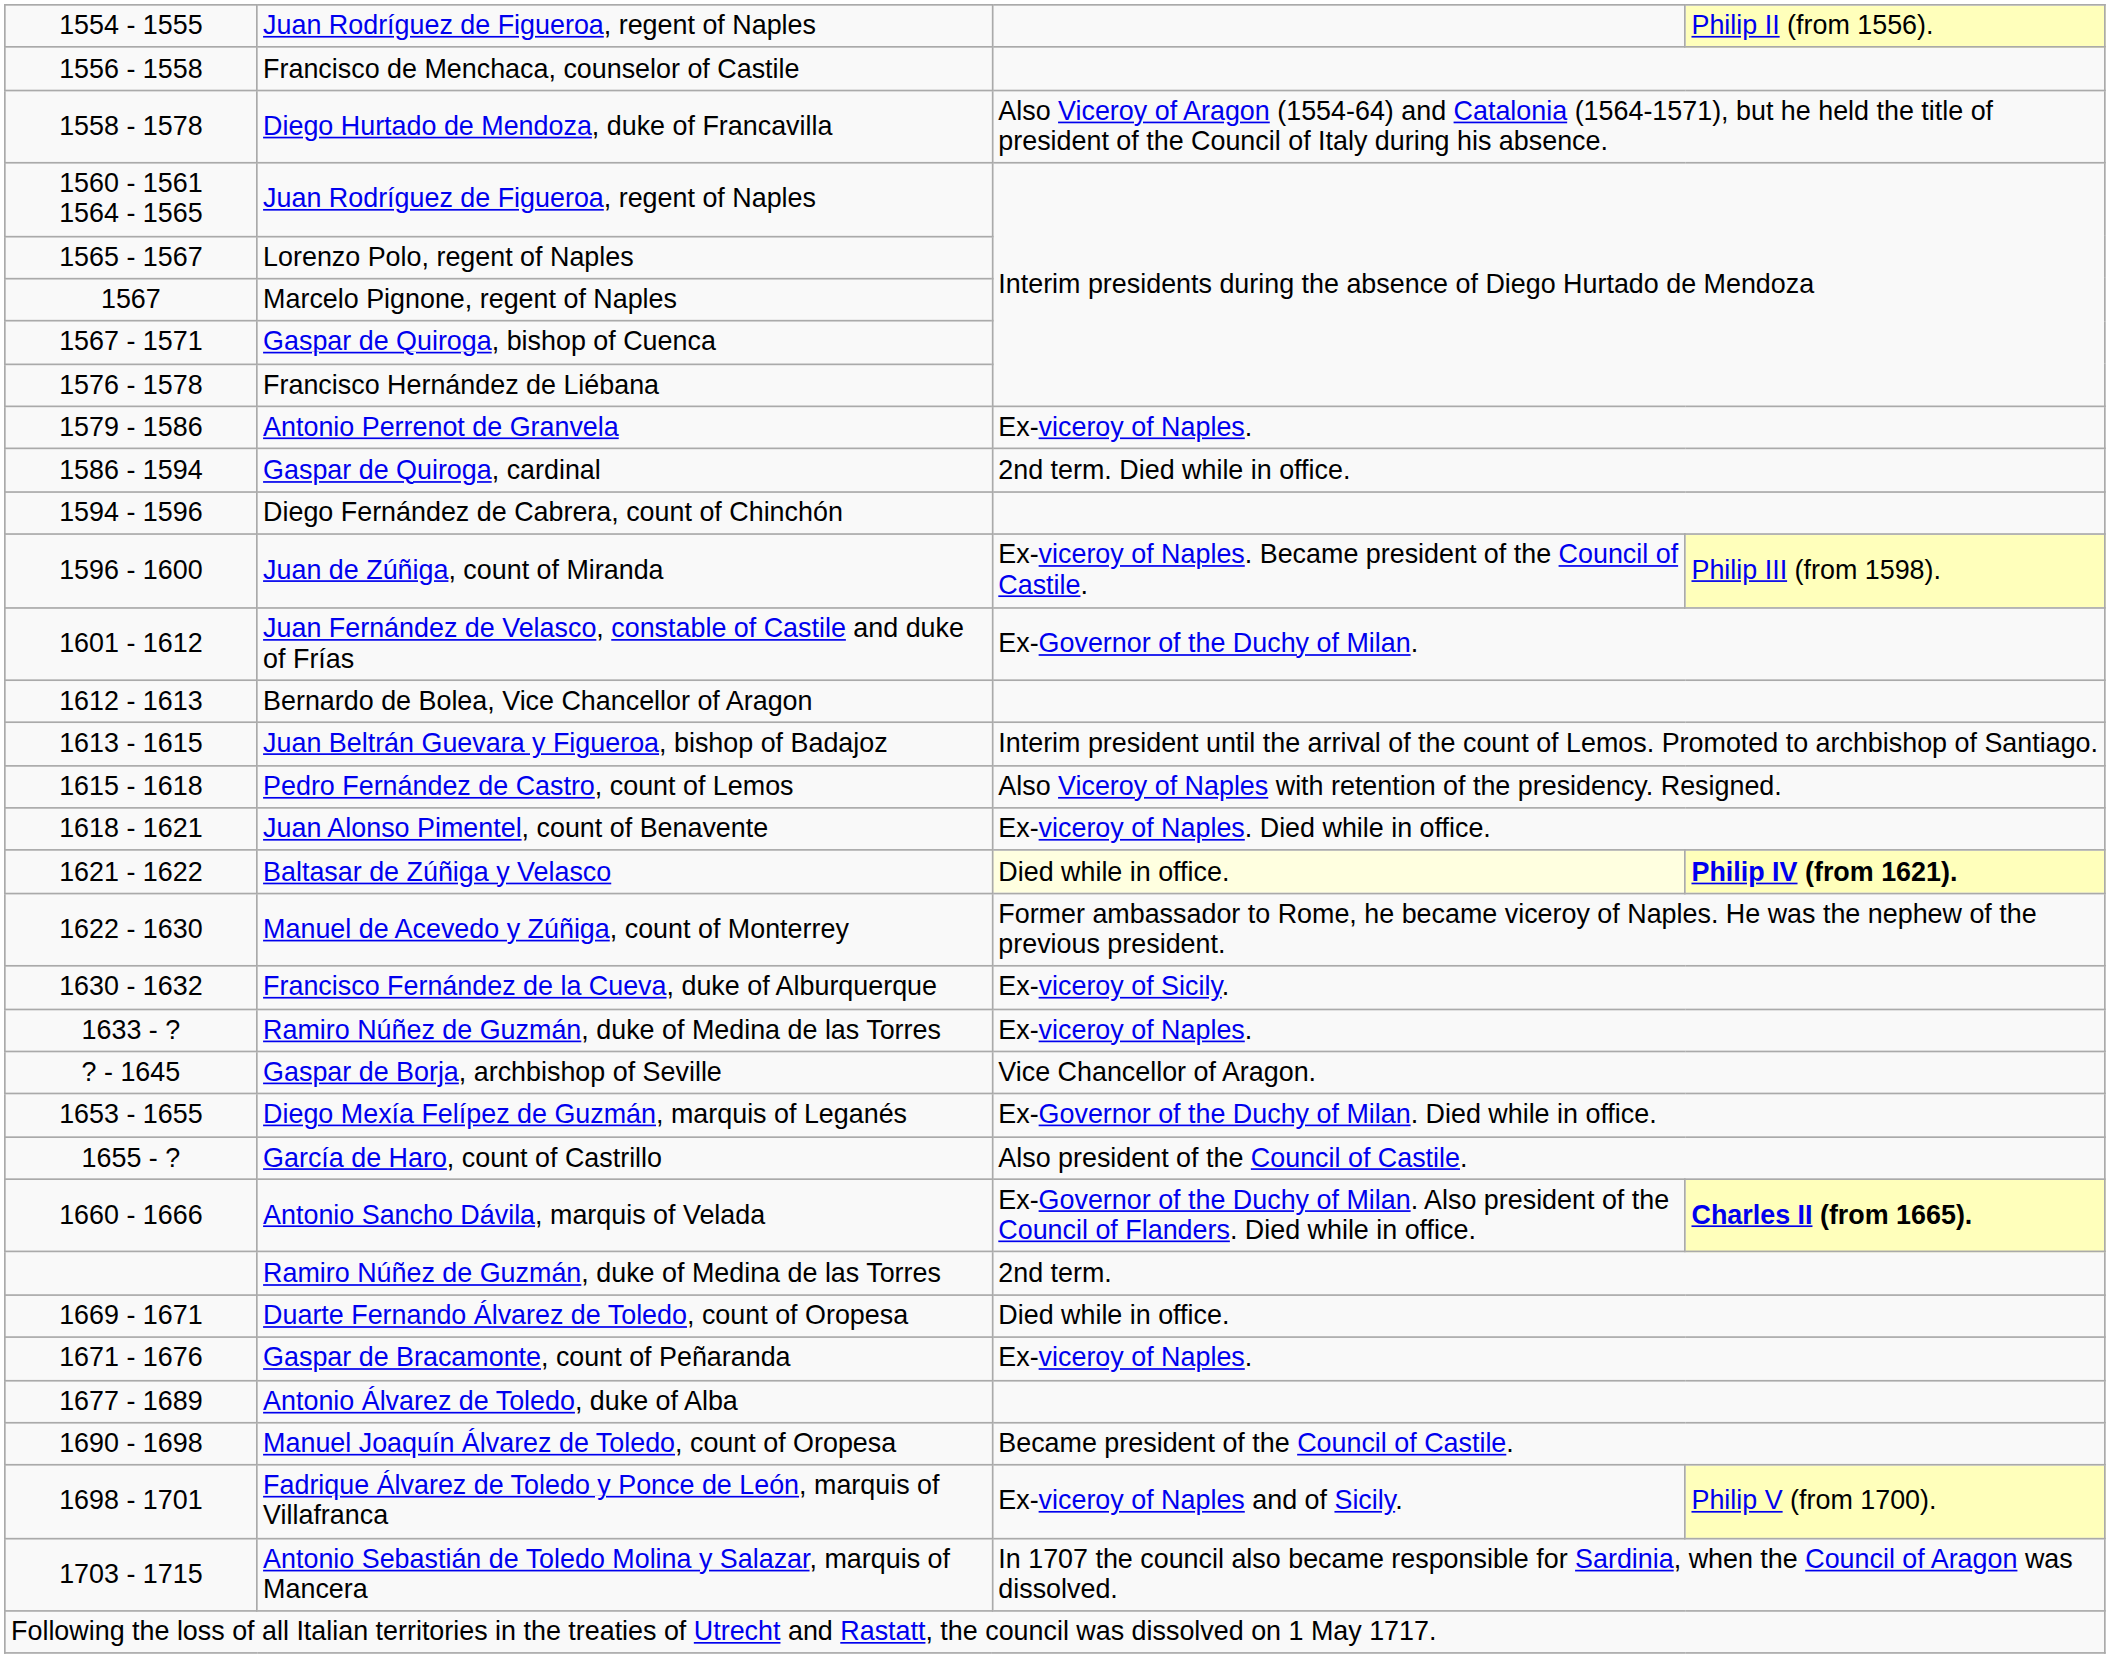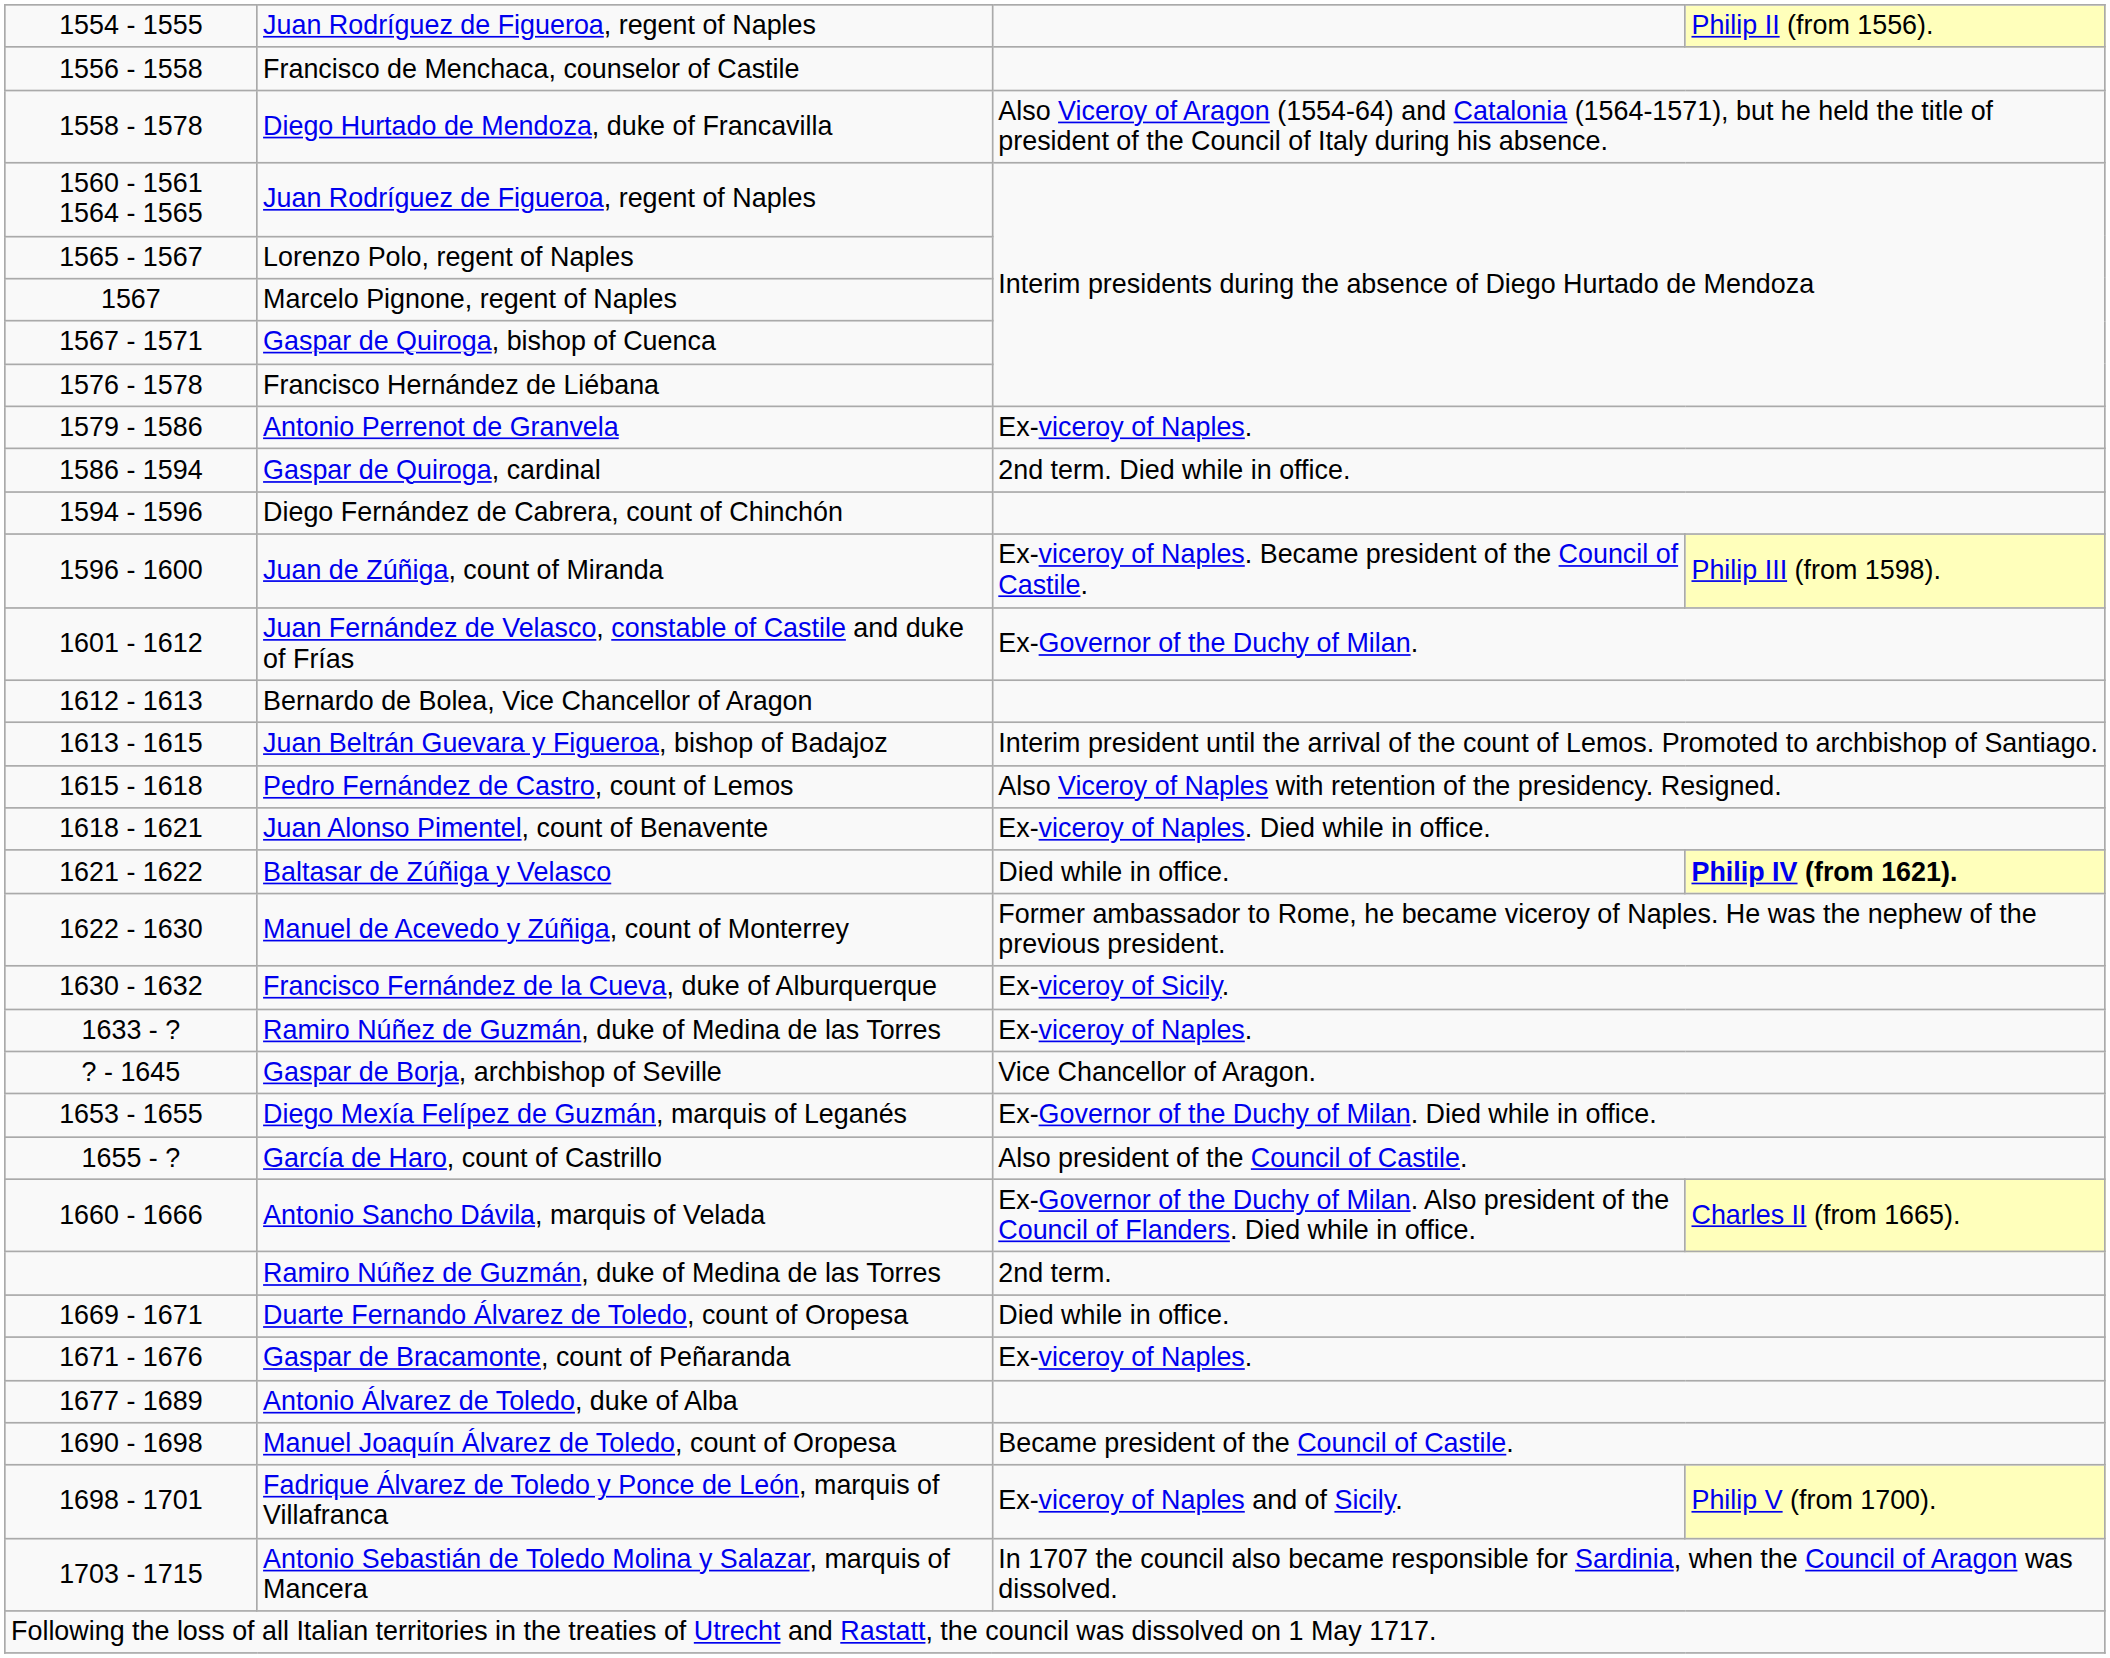 <table class=wikitable width="99%" align="center">
 <tr>
 <td align=center width="12%">1554 - 1555</td>
 <td width="35%"><a href='#'>Juan Rodríguez de Figueroa</a>, regent of Naples</td>
 <td width="33%"></td>
 <td widh=20% bgcolor=FFFFBB><a href='#'>Philip II</a> (from 1556).</td>
 </tr>
 <tr>
 <td align=center>1556 - 1558</td>
 <td>Francisco de Menchaca, counselor of Castile</td>
 <td colspan=2></td>
 </tr>
 <tr>
 <td align=center>1558 - 1578</td>
 <td><a href='#'>Diego Hurtado de Mendoza</a>, duke of Francavilla</td>
 <td colspan=2>Also <a href='#'>Viceroy of Aragon</a> (1554-64) and <a href='#'>Catalonia</a> (1564-1571), but he held the title of president of the Council of Italy during his absence.</td>
 </tr>
 <tr>
 <td align=center>1560 - 1561<br>1564 - 1565</td>
 <td><a href='#'>Juan Rodríguez de Figueroa</a>, regent of Naples</td>
 <td rowspan=5 colspan=2>Interim presidents during the absence of Diego Hurtado de Mendoza</td>
 </tr>
 <tr>
 <td align=center>1565 - 1567</td>
 <td>Lorenzo Polo, regent of Naples</td>
 </tr>
 <tr>
 <td align=center>1567</td>
 <td>Marcelo Pignone, regent of Naples</td>
 </tr>
 <tr>
 <td align=center>1567 - 1571</td>
 <td><a href='#'>Gaspar de Quiroga</a>, bishop of Cuenca</td>
 </tr>
 <tr>
 <td align=center>1576 - 1578</td>
 <td>Francisco Hernández de Liébana</td>
 </tr>
 <tr>
 <td align=center>1579 - 1586</td>
 <td><a href='#'>Antonio Perrenot de Granvela</a></td>
 <td colspan=2>Ex-<a href='#'>viceroy of Naples</a>.</td>
 </tr>
 <tr>
 <td align=center>1586 - 1594</td>
 <td><a href='#'>Gaspar de Quiroga</a>, cardinal</td>
 <td colspan=2>2nd term. Died while in office.</td>
 </tr>
 <tr>
 <td align=center>1594 - 1596</td>
 <td>Diego Fernández de Cabrera, count of Chinchón</td>
 <td colspan=2></td>
 </tr>
 <tr>
 <td align=center>1596 - 1600</td>
 <td><a href='#'>Juan de Zúñiga</a>, count of Miranda</td>
 <td>Ex-<a href='#'>viceroy of Naples</a>. Became president of the <a href='#'>Council of Castile</a>.</td>
 <td bgcolor=FFFFBB><a href='#'>Philip III</a> (from 1598).</td>
 </tr>
 <tr>
 <td align=center>1601 - 1612</td>
 <td><a href='#'>Juan Fernández de Velasco</a>, <a href='#'>constable of Castile</a> and duke of Frías</td>
 <td colspan=2>Ex-<a href='#'>Governor of the Duchy of Milan</a>.</td>
 </tr>
 <tr>
 <td align=center>1612 - 1613</td>
 <td>Bernardo de Bolea, Vice Chancellor of Aragon</td>
 <td colspan=2></td>
 </tr>
 <tr>
 <td align=center>1613 - 1615</td>
 <td><a href='#'>Juan Beltrán Guevara y Figueroa</a>, bishop of Badajoz</td>
 <td colspan=2>Interim president until the arrival of the count of Lemos. Promoted to archbishop of Santiago.</td>
 </tr>
 <tr>
 <td align=center>1615 - 1618</td>
 <td><a href='#'>Pedro Fernández de Castro</a>, count of Lemos</td>
 <td colspan=2>Also <a href='#'>Viceroy of Naples</a> with retention of the presidency. Resigned.</td>
 </tr>
 <tr>
 <td align=center>1618 - 1621</td>
 <td><a href='#'>Juan Alonso Pimentel</a>, count of Benavente</td>
 <td colspan=2>Ex-<a href='#'>viceroy of Naples</a>. Died while in office.</td>
 </tr>
 <tr>
 <td align=center>1621 - 1622</td>
 <td><a href='#'>Baltasar de Zúñiga y Velasco</a></td>
-<td style="background: lightyellow;">Died while in office.</td>
+<td>Died while in office.</td>
 <td bgcolor=FFFFBB><strong><a href='#'>Philip IV</a> (from 1621).</strong></td>
 </tr>
 <tr>
 <td align=center>1622 - 1630</td>
 <td><a href='#'>Manuel de Acevedo y Zúñiga</a>, count of Monterrey</td>
 <td colspan=2>Former ambassador to Rome, he became viceroy of Naples. He was the nephew of the previous president.</td>
 </tr>
 <tr>
 <td align=center>1630 - 1632</td>
 <td><a href='#'>Francisco Fernández de la Cueva</a>, duke of Alburquerque</td>
 <td colspan=2>Ex-<a href='#'>viceroy of Sicily</a>.</td>
 </tr>
 <tr>
 <td align=center>1633 - ?</td>
 <td><a href='#'>Ramiro Núñez de Guzmán</a>, duke of Medina de las Torres</td>
 <td colspan=2>Ex-<a href='#'>viceroy of Naples</a>.</td>
 </tr>
 <tr>
 <td align=center>? - 1645</td>
 <td><a href='#'>Gaspar de Borja</a>, archbishop of Seville</td>
 <td colspan=2>Vice Chancellor of Aragon.</td>
 </tr>
 <tr>
 <td align=center>1653 - 1655</td>
 <td><a href='#'>Diego Mexía Felípez de Guzmán</a>, marquis of Leganés</td>
 <td colspan=2>Ex-<a href='#'>Governor of the Duchy of Milan</a>. Died while in office.</td>
 </tr>
 <tr>
 <td align=center>1655 - ?</td>
 <td><a href='#'>García de Haro</a>, count of Castrillo</td>
 <td colspan=2>Also president of the <a href='#'>Council of Castile</a>.</td>
 </tr>
 <tr>
 <td align=center>1660 - 1666</td>
 <td><a href='#'>Antonio Sancho Dávila</a>, marquis of Velada</td>
 <td>Ex-<a href='#'>Governor of the Duchy of Milan</a>. Also president of the <a href='#'>Council of Flanders</a>. Died while in office.</td>
-<td bgcolor=FFFFBB><strong><a href='#'>Charles II</a> (from 1665).</strong></td>
+<td bgcolor=FFFFBB><a href='#'>Charles II</a> (from 1665).</td>
 </tr>
 <tr>
 <td align=center></td>
 <td><a href='#'>Ramiro Núñez de Guzmán</a>, duke of Medina de las Torres</td>
 <td colspan=2>2nd term.</td>
 </tr>
 <tr>
 <td align=center>1669 - 1671</td>
 <td><a href='#'>Duarte Fernando Álvarez de Toledo</a>, count of Oropesa</td>
 <td colspan=2>Died while in office.</td>
 </tr>
 <tr>
 <td align=center>1671 - 1676</td>
 <td><a href='#'>Gaspar de Bracamonte</a>, count of Peñaranda</td>
 <td colspan=2>Ex-<a href='#'>viceroy of Naples</a>.</td>
 </tr>
 <tr>
 <td align=center>1677 - 1689</td>
 <td><a href='#'>Antonio Álvarez de Toledo</a>, duke of Alba</td>
 <td colspan=2></td>
 </tr>
 <tr>
 <td align=center>1690 - 1698</td>
 <td><a href='#'>Manuel Joaquín Álvarez de Toledo</a>, count of Oropesa</td>
 <td colspan=2>Became president of the <a href='#'>Council of Castile</a>.</td>
 </tr>
 <tr>
 <td align=center>1698 - 1701</td>
 <td><a href='#'>Fadrique Álvarez de Toledo y Ponce de León</a>, marquis of Villafranca</td>
 <td>Ex-<a href='#'>viceroy of Naples</a> and of <a href='#'>Sicily</a>.</td>
 <td bgcolor=FFFFBB><a href='#'>Philip V</a> (from 1700).</td>
 </tr>
 <tr>
 <td align=center>1703 - 1715</td>
 <td><a href='#'>Antonio Sebastián de Toledo Molina y Salazar</a>, marquis of Mancera</td>
 <td colspan=2>In 1707 the council also became responsible for <a href='#'>Sardinia</a>, when the <a href='#'>Council of Aragon</a> was dissolved.</td>
 </tr>
 <tr>
 <td colspan=4>Following the loss of all Italian territories in the treaties of <a href='#'>Utrecht</a> and <a href='#'>Rastatt</a>, the council was dissolved on 1 May 1717.</td>
 </tr>
 </table>
